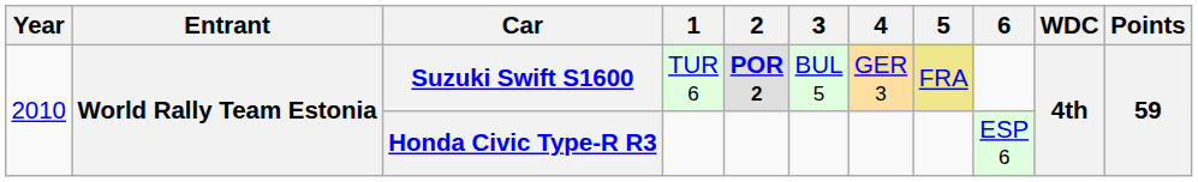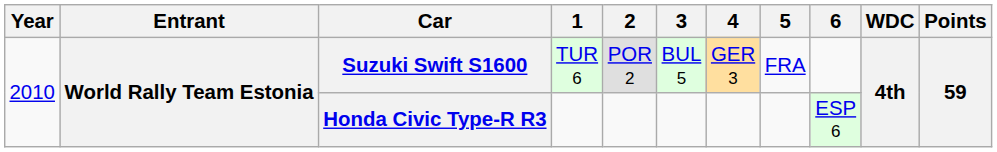 <table class="wikitable" style="text-align:center; font-size:90%">
 <tr>
 <th>Year</th>
 <th>Entrant</th>
 <th>Car</th>
 <th>1</th>
 <th>2</th>
 <th>3</th>
 <th>4</th>
 <th>5</th>
 <th>6</th>
 <th>WDC</th>
 <th>Points</th>
 </tr>
 <tr>
 <td rowspan=2><a href='#'>2010</a></td>
 <th rowspan=2>World Rally Team Estonia</th>
 <th><a href='#'>Suzuki Swift S1600</a></th>
 <td style="background:#DFFFDF;"><a href='#'>TUR</a><br><small>6</small></td>
-<td style="background:#DFDFDF;"><strong><a href='#'>POR</a><br><small>2</small></strong></td>
+<td style="background:#DFDFDF;"><a href='#'>POR</a><br><small>2</small></td>
 <td style="background:#DFFFDF;"><a href='#'>BUL</a><br><small>5</small></td>
 <td style="background:#FFDF9F;"><a href='#'>GER</a><br><small>3</small></td>
-<td style="background: khaki;"><a href='#'>FRA</a></td>
+<td><a href='#'>FRA</a></td>
 <td></td>
 <th rowspan=2>4th</th>
 <th rowspan=2>59</th>
 </tr>
 <tr>
 <th><a href='#'>Honda Civic Type-R R3</a></th>
 <td></td>
 <td></td>
 <td></td>
 <td></td>
 <td></td>
 <td style="background:#DFFFDF;"><a href='#'>ESP</a><br><small>6</small></td>
 </tr>
 </table>
